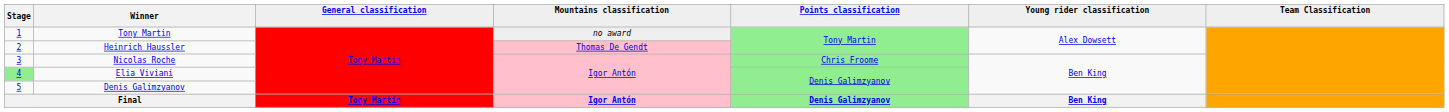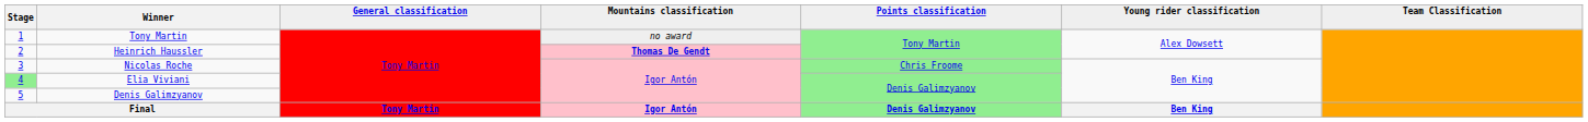 <table class="wikitable" style="text-align: center; font-size:smaller;">
 <tr style="background-color: #efefef;">
 <th width="1%">Stage</th>
 <th width="14%">Winner</th>
 <th style="background:#EFEFEF;" width="15%"><a href='#'>General classification</a><br><br></th>
 <th style="background:#EFEFEF;" width="15%">Mountains classification<br><br></th>
 <th style="background:#EFEFEF;" width="15%"><a href='#'>Points classification</a><br><br></th>
 <th style="background:#EFEFEF;" width="15%">Young rider classification<br><br></th>
 <th style="background:#EFEFEF;" width="15%">Team Classification<br><br></th>
 </tr>
 <tr>
 <td><a href='#'>1</a></td>
 <td><a href='#'>Tony Martin</a></td>
 <td style="background:red;" rowspan=5><a href='#'>Tony Martin</a></td>
 <td style="background:#EFEFEF;"><em>no award</em></td>
 <td style="background:lightgreen;" rowspan=2><a href='#'>Tony Martin</a></td>
 <td style="background:offwhite;" rowspan=2><a href='#'>Alex Dowsett</a></td>
 <td style="background:orange;" rowspan=5></td>
 </tr>
 <tr>
 <td><a href='#'>2</a></td>
 <td><a href='#'>Heinrich Haussler</a></td>
-<td style="background:pink;"><a href='#'>Thomas De Gendt</a></td>
+<td style="background:pink;"><strong><a href='#'>Thomas De Gendt</a></strong></td>
 </tr>
 <tr>
 <td><a href='#'>3</a></td>
 <td><a href='#'>Nicolas Roche</a></td>
 <td style="background:pink;" rowspan=3><a href='#'>Igor Antón</a></td>
 <td style="background:lightgreen;"><a href='#'>Chris Froome</a></td>
 <td style="background:offwhite;" rowspan=3><a href='#'>Ben King</a></td>
 </tr>
 <tr>
 <td style="background: lightgreen;"><a href='#'>4</a></td>
 <td><a href='#'>Elia Viviani</a></td>
 <td style="background:lightgreen;" rowspan=2><a href='#'>Denis Galimzyanov</a></td>
 </tr>
 <tr>
 <td><a href='#'>5</a></td>
 <td><a href='#'>Denis Galimzyanov</a></td>
 </tr>
 <tr>
 <th colspan=2><strong>Final</strong></th>
 <th style="background:red;"><a href='#'>Tony Martin</a></th>
 <th style="background:pink;"><a href='#'>Igor Antón</a></th>
 <th style="background:lightgreen;"><a href='#'>Denis Galimzyanov</a></th>
 <th style="background:offwhite;"><a href='#'>Ben King</a></th>
 <th style="background:orange;"></th>
 </tr>
 </table>
